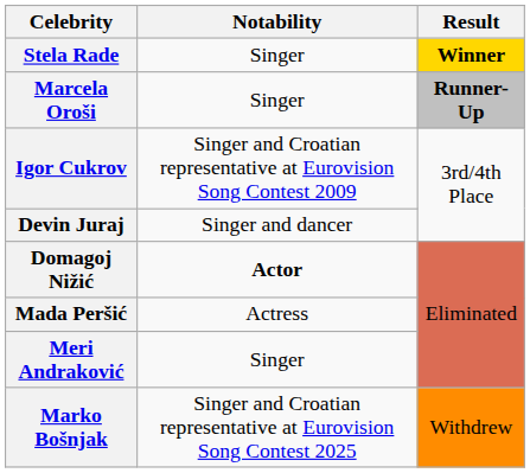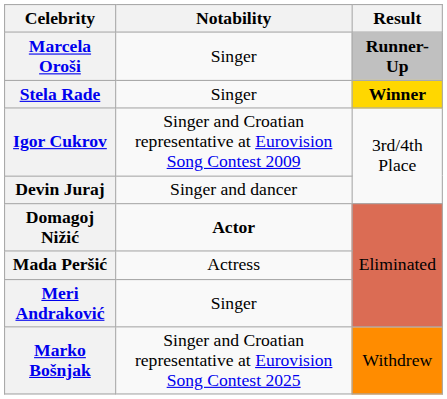 <table class="wikitable sortable" style="text-align:center; width:64%">
 <tr>
 <th scope="col">Celebrity</th>
 <th scope="col" class="unsortable">Notability</th>
 <th scope="col">Result</th>
 </tr>
 <tr>
+<th scope="row"><a href='#'>Marcela Oroši</a></th>
+<td>Singer</td>
+<td style="background-color:silver;"><strong>Runner-Up</strong></td>
+</tr>
+<tr>
 <th scope="row"><a href='#'>Stela Rade</a></th>
 <td>Singer</td>
 <td style="background-color:gold;"><strong>Winner</strong></td>
-</tr>
-<tr>
-<th scope="row"><a href='#'>Marcela Oroši</a></th>
-<td>Singer</td>
-<td style="background-color:silver;"><strong>Runner-Up</strong></td>
 </tr>
 <tr>
 <th scope="row"><a href='#'>Igor Cukrov</a></th>
 <td>Singer and Croatian representative at <a href='#'>Eurovision Song Contest 2009</a></td>
 <td rowspan="2">3rd/4th Place</td>
 </tr>
 <tr>
 <th scope="row">Devin Juraj</th>
 <td>Singer and dancer</td>
 </tr>
 <tr>
 <th scope="row">Domagoj Nižić</th>
 <td><strong>Actor</strong></td>
 <td rowspan="3" style="background-color:#db6c54">Eliminated<br></td>
 </tr>
 <tr>
 <th scope="row">Mada Peršić</th>
 <td>Actress</td>
 </tr>
 <tr>
 <th scope="row"><a href='#'>Meri Andraković</a></th>
 <td>Singer</td>
 </tr>
 <tr>
 <th scope="row"><a href='#'>Marko Bošnjak</a></th>
 <td>Singer and Croatian representative at <a href='#'>Eurovision Song Contest 2025</a></td>
 <td style="background-color:#ff8c00;">Withdrew</td>
 </tr>
 </table>
